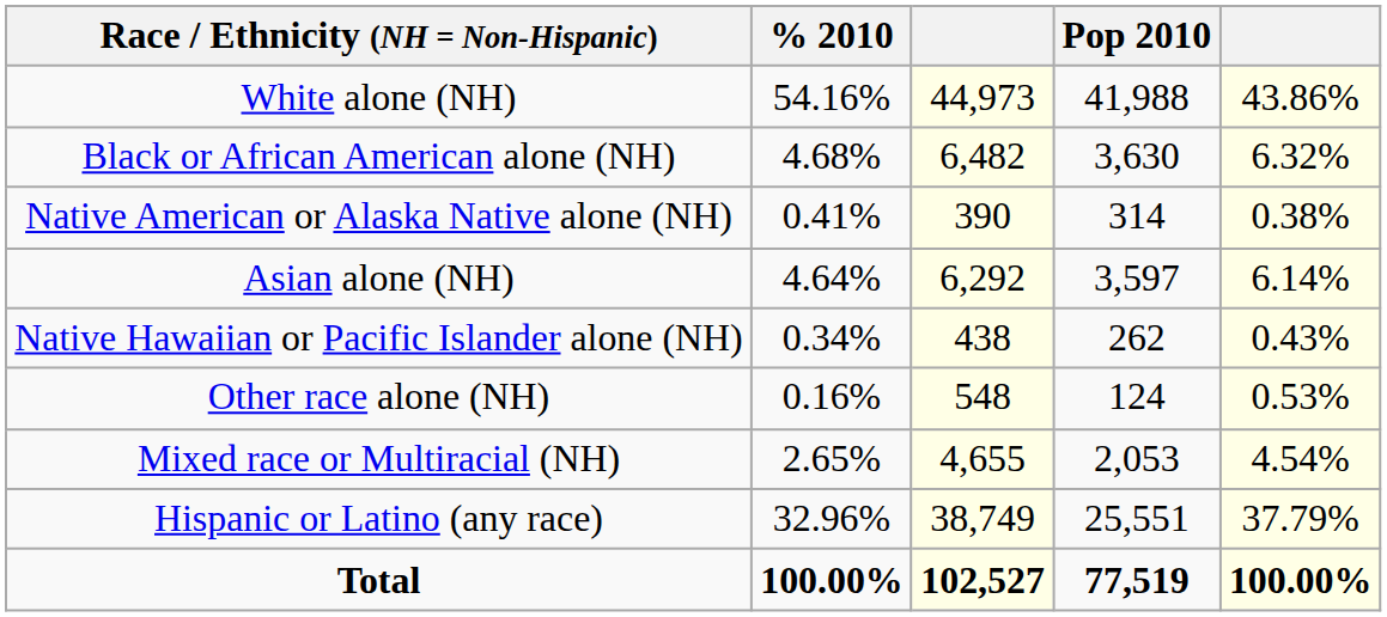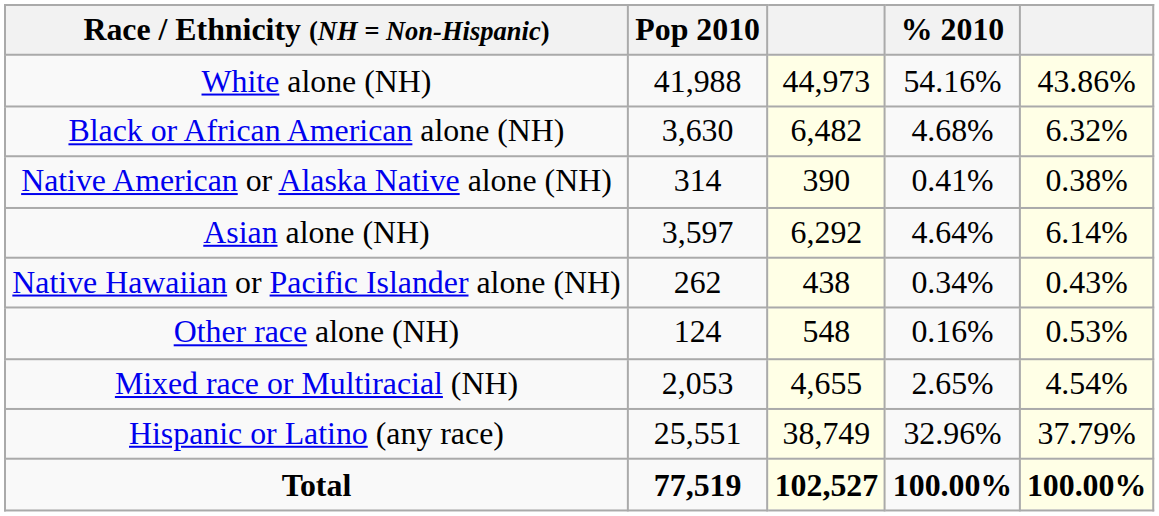 <table class="wikitable" style="text-align:center;">
 <tr>
 <th>Race / Ethnicity <small>(<em>NH = Non-Hispanic</em>)</small></th>
+<th>Pop 2010</th>
+<th></th>
 <th>% 2010</th>
-<th></th>
-<th>Pop 2010</th>
 <th></th>
 </tr>
 <tr>
 <td><a href='#'>White</a> alone (NH)</td>
+<td>41,988</td>
+<td style='background: #ffffe6;'>44,973</td>
 <td>54.16%</td>
-<td style='background: #ffffe6;'>44,973</td>
-<td>41,988</td>
 <td style='background: #ffffe6;'>43.86%</td>
 </tr>
 <tr>
 <td><a href='#'>Black or African American</a> alone (NH)</td>
+<td>3,630</td>
+<td style='background: #ffffe6;'>6,482</td>
 <td>4.68%</td>
-<td style='background: #ffffe6;'>6,482</td>
-<td>3,630</td>
 <td style='background: #ffffe6;'>6.32%</td>
 </tr>
 <tr>
 <td><a href='#'>Native American</a> or <a href='#'>Alaska Native</a> alone (NH)</td>
+<td>314</td>
+<td style='background: #ffffe6;'>390</td>
 <td>0.41%</td>
-<td style='background: #ffffe6;'>390</td>
-<td>314</td>
 <td style='background: #ffffe6;'>0.38%</td>
 </tr>
 <tr>
 <td><a href='#'>Asian</a> alone (NH)</td>
+<td>3,597</td>
+<td style='background: #ffffe6;'>6,292</td>
 <td>4.64%</td>
-<td style='background: #ffffe6;'>6,292</td>
-<td>3,597</td>
 <td style='background: #ffffe6;'>6.14%</td>
 </tr>
 <tr>
 <td><a href='#'>Native Hawaiian</a> or <a href='#'>Pacific Islander</a> alone (NH)</td>
+<td>262</td>
+<td style='background: #ffffe6;'>438</td>
 <td>0.34%</td>
-<td style='background: #ffffe6;'>438</td>
-<td>262</td>
 <td style='background: #ffffe6;'>0.43%</td>
 </tr>
 <tr>
 <td><a href='#'>Other race</a> alone (NH)</td>
+<td>124</td>
+<td style='background: #ffffe6;'>548</td>
 <td>0.16%</td>
-<td style='background: #ffffe6;'>548</td>
-<td>124</td>
 <td style='background: #ffffe6;'>0.53%</td>
 </tr>
 <tr>
 <td><a href='#'>Mixed race or Multiracial</a> (NH)</td>
+<td>2,053</td>
+<td style='background: #ffffe6;'>4,655</td>
 <td>2.65%</td>
-<td style='background: #ffffe6;'>4,655</td>
-<td>2,053</td>
 <td style='background: #ffffe6;'>4.54%</td>
 </tr>
 <tr>
 <td><a href='#'>Hispanic or Latino</a> (any race)</td>
+<td>25,551</td>
+<td style='background: #ffffe6;'>38,749</td>
 <td>32.96%</td>
-<td style='background: #ffffe6;'>38,749</td>
-<td>25,551</td>
 <td style='background: #ffffe6;'>37.79%</td>
 </tr>
 <tr>
 <td><strong>Total</strong></td>
+<td><strong>77,519</strong></td>
+<td style='background: #ffffe6;'><strong>102,527</strong></td>
 <td><strong>100.00%</strong></td>
-<td style='background: #ffffe6;'><strong>102,527</strong></td>
-<td><strong>77,519</strong></td>
 <td style='background: #ffffe6;'><strong>100.00%</strong></td>
 </tr>
 </table>
